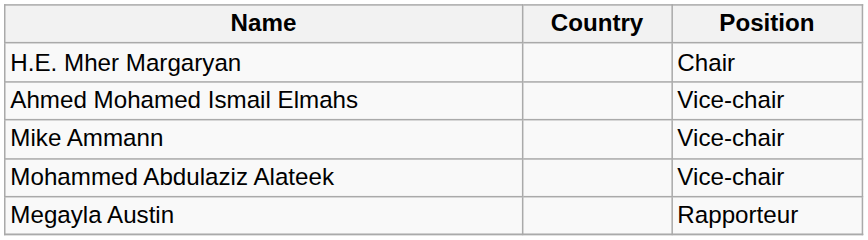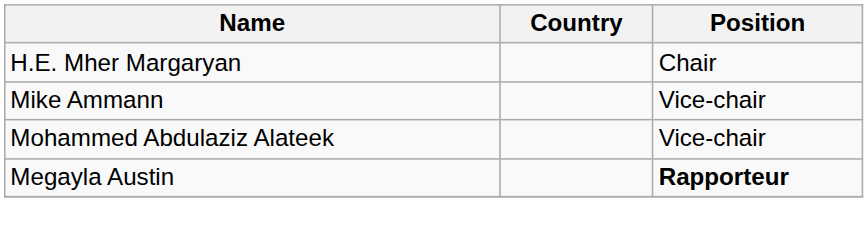 <table class="wikitable" style="display: inline-table; width: 45%">
 <tr>
 <th>Name</th>
 <th>Country</th>
 <th>Position</th>
 </tr>
 <tr>
 <td>H.E. Mher Margaryan</td>
 <td></td>
 <td>Chair</td>
-</tr>
-<tr>
-<td>Ahmed Mohamed Ismail Elmahs</td>
-<td></td>
-<td>Vice-chair</td>
 </tr>
 <tr>
 <td>Mike Ammann</td>
 <td></td>
 <td>Vice-chair</td>
 </tr>
 <tr>
 <td>Mohammed Abdulaziz Alateek</td>
 <td></td>
 <td>Vice-chair</td>
 </tr>
 <tr>
 <td>Megayla Austin</td>
 <td></td>
-<td>Rapporteur</td>
+<td><strong>Rapporteur</strong></td>
 </tr>
 <tr>
 </tr>
 </table>
